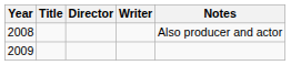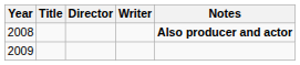 <table class="wikitable">
 <tr>
 <th>Year</th>
 <th>Title</th>
 <th>Director</th>
 <th>Writer</th>
 <th>Notes</th>
 </tr>
 <tr>
 <td>2008</td>
 <td><em></em></td>
 <td></td>
 <td></td>
-<td>Also producer and actor</td>
+<td><strong>Also producer and actor</strong></td>
 </tr>
 <tr>
 <td>2009</td>
 <td><em></em></td>
 <td></td>
 <td></td>
 </tr>
 </table>
